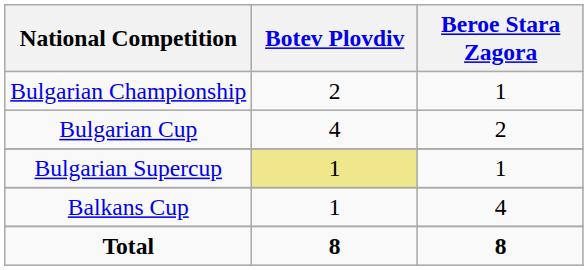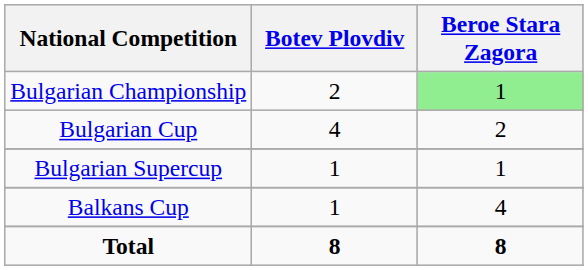 <table class="wikitable" style="text-align:center;font-size:95%">
 <tr>
 <th>National Competition</th>
 <th width="100"><a href='#'>Botev Plovdiv</a></th>
 <th width="100"><a href='#'>Beroe Stara Zagora</a></th>
 </tr>
 <tr>
 <td><a href='#'>Bulgarian Championship</a></td>
 <td>2</td>
-<td>1</td>
+<td style="background: lightgreen;">1</td>
 </tr>
 <tr>
 <td><a href='#'>Bulgarian Cup</a></td>
 <td>4</td>
 <td>2</td>
 </tr>
 <tr>
 </tr>
 <tr>
 <td><a href='#'>Bulgarian Supercup</a></td>
-<td style="background: khaki;">1</td>
+<td>1</td>
 <td>1</td>
 </tr>
 <tr>
 </tr>
 <tr>
 <td><a href='#'>Balkans Cup</a></td>
 <td>1</td>
 <td>4</td>
 </tr>
 <tr>
 </tr>
 <tr>
 <td><strong>Total</strong></td>
 <td><strong>8</strong></td>
 <td><strong>8</strong></td>
 </tr>
 </table>
